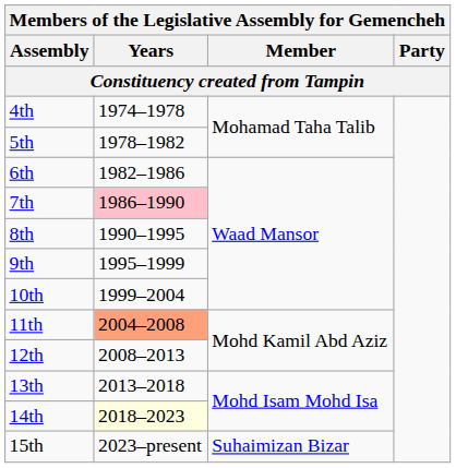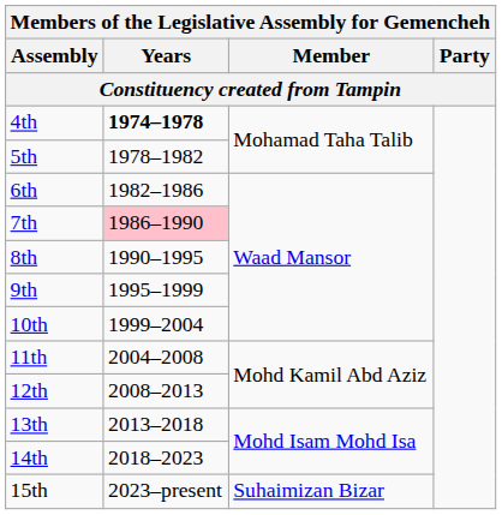 <table class=wikitable>
 <tr>
 <th colspan=4>Members of the Legislative Assembly for Gemencheh</th>
 </tr>
 <tr>
 <th>Assembly</th>
 <th>Years</th>
 <th>Member</th>
 <th>Party</th>
 </tr>
 <tr>
 <th colspan=4 align=center><em>Constituency created from Tampin</em></th>
 </tr>
 <tr>
 <td><a href='#'>4th</a></td>
-<td class="nowrap">1974–1978</td>
+<td class="nowrap"><strong>1974–1978</strong></td>
 <td rowspan="2">Mohamad Taha Talib</td>
 <td rowspan="12"></td>
 </tr>
 <tr>
 <td><a href='#'>5th</a></td>
 <td>1978–1982</td>
 </tr>
 <tr>
 <td><a href='#'>6th</a></td>
 <td>1982–1986</td>
 <td rowspan="5"><a href='#'>Waad Mansor</a></td>
 </tr>
 <tr>
 <td><a href='#'>7th</a></td>
 <td style="background: pink;">1986–1990</td>
 </tr>
 <tr>
 <td><a href='#'>8th</a></td>
 <td>1990–1995</td>
 </tr>
 <tr>
 <td><a href='#'>9th</a></td>
 <td>1995–1999</td>
 </tr>
 <tr>
 <td><a href='#'>10th</a></td>
 <td>1999–2004</td>
 </tr>
 <tr>
 <td><a href='#'>11th</a></td>
-<td style="background: lightsalmon;">2004–2008</td>
+<td>2004–2008</td>
 <td rowspan="2">Mohd Kamil Abd Aziz</td>
 </tr>
 <tr>
 <td><a href='#'>12th</a></td>
 <td>2008–2013</td>
 </tr>
 <tr>
 <td><a href='#'>13th</a></td>
 <td>2013–2018</td>
 <td rowspan="2"><a href='#'>Mohd Isam Mohd Isa</a></td>
 </tr>
 <tr>
 <td><a href='#'>14th</a></td>
-<td style="background: lightyellow;">2018–2023</td>
+<td>2018–2023</td>
 </tr>
 <tr>
 <td>15th</td>
 <td>2023–present</td>
 <td><a href='#'>Suhaimizan Bizar</a></td>
 </tr>
 </table>
